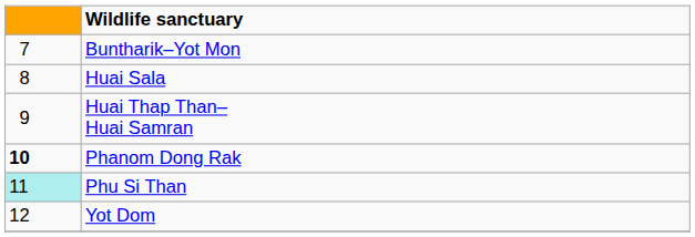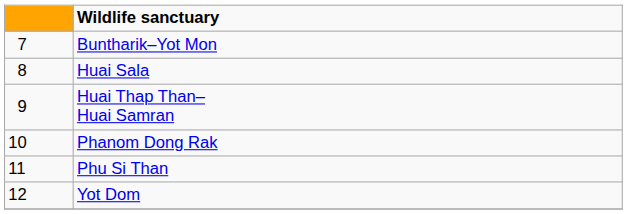 <table class= "wikitable" style= "width:30%; display:inline-table;">
 <tr>
 <td style="width:3%; background:#FFA400;"> </td>
 <td style="width:27%;"><strong>Wildlife sanctuary</strong></td>
 </tr>
 <tr>
 <td>  7</td>
 <td><a href='#'>Buntharik–Yot Mon</a></td>
 </tr>
 <tr>
 <td>  8</td>
 <td><a href='#'>Huai Sala</a></td>
 </tr>
 <tr>
 <td>  9</td>
 <td><a href='#'>Huai Thap Than–<br>Huai Samran</a></td>
 </tr>
 <tr>
-<td><strong>10</strong></td>
+<td>10</td>
 <td><a href='#'>Phanom Dong Rak</a></td>
 </tr>
 <tr>
-<td style="background: paleturquoise;">11</td>
+<td>11</td>
 <td><a href='#'>Phu Si Than</a></td>
 </tr>
 <tr>
 <td>12</td>
 <td><a href='#'>Yot Dom</a></td>
 </tr>
 <tr>
 </tr>
 </table>
